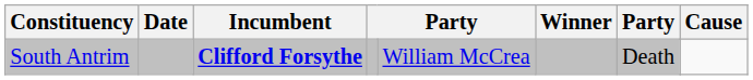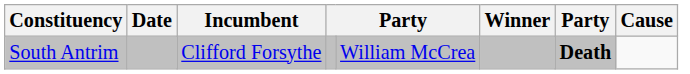 <table class="wikitable">
 <tr>
 <th>Constituency</th>
 <th>Date</th>
 <th>Incumbent</th>
 <th colspan=2>Party</th>
 <th>Winner</th>
 <th colspan=2>Party</th>
 <th>Cause</th>
 </tr>
 <tr bgcolor="#c0c0c0">
 <td><a href='#'>South Antrim</a></td>
 <td></td>
-<td><strong><a href='#'>Clifford Forsythe</a></strong></td>
+<td><a href='#'>Clifford Forsythe</a></td>
 <td></td>
 <td><a href='#'>William McCrea</a></td>
 <td></td>
-<td>Death</td>
+<td><strong>Death</strong></td>
 </tr>
 </table>
